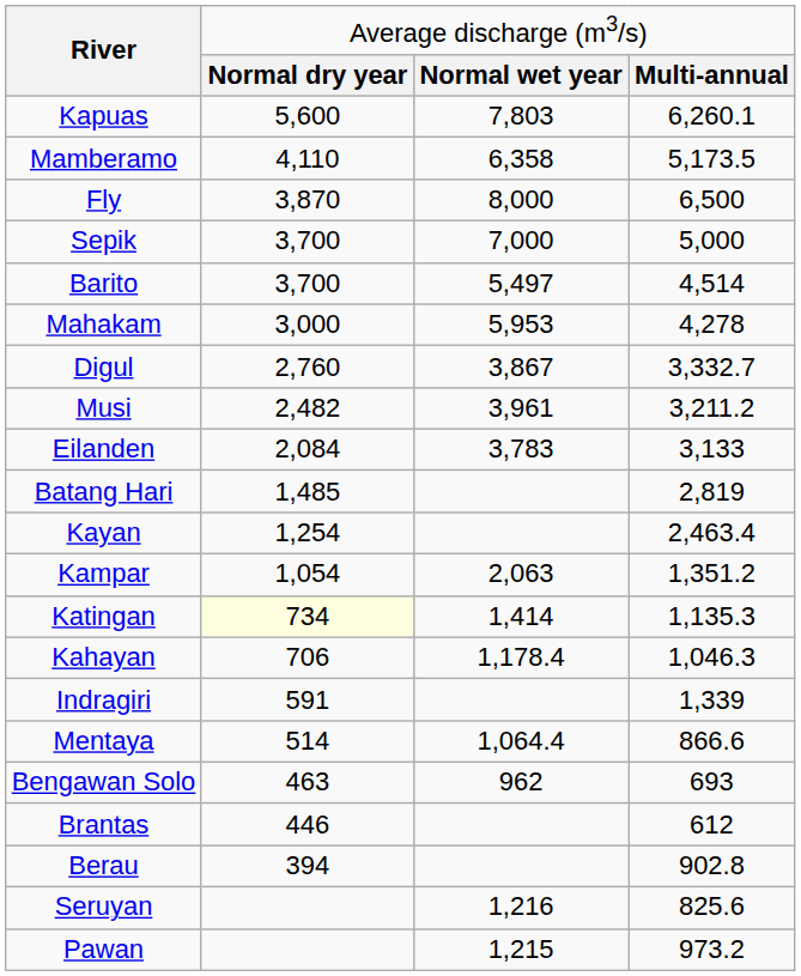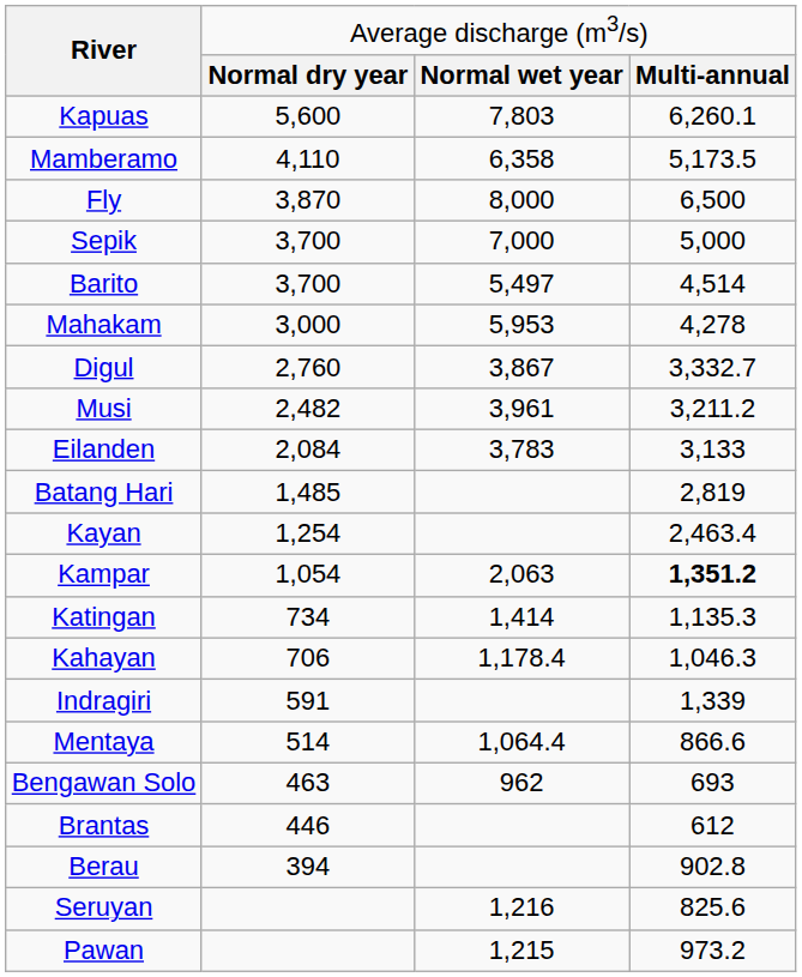 <table class="wikitable" style="text-align:center;">
 <tr>
 <th rowspan="2">River</th>
 <td colspan="3">Average discharge (m<sup>3</sup>/s)</td>
 </tr>
 <tr>
 <th>Normal dry year</th>
 <th>Normal wet year</th>
 <th>Multi-annual</th>
 </tr>
 <tr>
 <td><a href='#'>Kapuas</a></td>
 <td>5,600</td>
 <td>7,803</td>
 <td>6,260.1</td>
 </tr>
 <tr>
 <td><a href='#'>Mamberamo</a></td>
 <td>4,110</td>
 <td>6,358</td>
 <td>5,173.5</td>
 </tr>
 <tr>
 <td><a href='#'>Fly</a></td>
 <td>3,870</td>
 <td>8,000</td>
 <td>6,500</td>
 </tr>
 <tr>
 <td><a href='#'>Sepik</a></td>
 <td>3,700</td>
 <td>7,000</td>
 <td>5,000</td>
 </tr>
 <tr>
 <td><a href='#'>Barito</a></td>
 <td>3,700</td>
 <td>5,497</td>
 <td>4,514</td>
 </tr>
 <tr>
 <td><a href='#'>Mahakam</a></td>
 <td>3,000</td>
 <td>5,953</td>
 <td>4,278</td>
 </tr>
 <tr>
 <td><a href='#'>Digul</a></td>
 <td>2,760</td>
 <td>3,867</td>
 <td>3,332.7</td>
 </tr>
 <tr>
 <td><a href='#'>Musi</a></td>
 <td>2,482</td>
 <td>3,961</td>
 <td>3,211.2</td>
 </tr>
 <tr>
 <td><a href='#'>Eilanden</a></td>
 <td>2,084</td>
 <td>3,783</td>
 <td>3,133</td>
 </tr>
 <tr>
 <td><a href='#'>Batang Hari</a></td>
 <td>1,485</td>
 <td></td>
 <td>2,819</td>
 </tr>
 <tr>
 <td><a href='#'>Kayan</a></td>
 <td>1,254</td>
 <td></td>
 <td>2,463.4</td>
 </tr>
 <tr>
 <td><a href='#'>Kampar</a></td>
 <td>1,054</td>
 <td>2,063</td>
-<td>1,351.2</td>
+<td><strong>1,351.2</strong></td>
 </tr>
 <tr>
 <td><a href='#'>Katingan</a></td>
-<td style="background: lightyellow;">734</td>
+<td>734</td>
 <td>1,414</td>
 <td>1,135.3</td>
 </tr>
 <tr>
 <td><a href='#'>Kahayan</a></td>
 <td>706</td>
 <td>1,178.4</td>
 <td>1,046.3</td>
 </tr>
 <tr>
 <td><a href='#'>Indragiri</a></td>
 <td>591</td>
 <td></td>
 <td>1,339</td>
 </tr>
 <tr>
 <td><a href='#'>Mentaya</a></td>
 <td>514</td>
 <td>1,064.4</td>
 <td>866.6</td>
 </tr>
 <tr>
 <td><a href='#'>Bengawan Solo</a></td>
 <td>463</td>
 <td>962</td>
 <td>693</td>
 </tr>
 <tr>
 <td><a href='#'>Brantas</a></td>
 <td>446</td>
 <td></td>
 <td>612</td>
 </tr>
 <tr>
 <td><a href='#'>Berau</a></td>
 <td>394</td>
 <td></td>
 <td>902.8</td>
 </tr>
 <tr>
 <td><a href='#'>Seruyan</a></td>
 <td></td>
 <td>1,216</td>
 <td>825.6</td>
 </tr>
 <tr>
 <td><a href='#'>Pawan</a></td>
 <td></td>
 <td>1,215</td>
 <td>973.2</td>
 </tr>
 </table>
